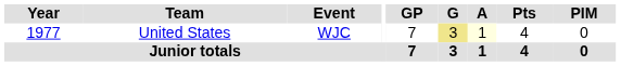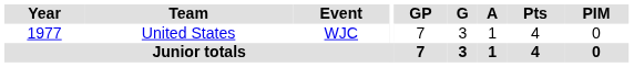 <table border="0" cellpadding="1" cellspacing="0" ID="Table3" style="text-align:center; width:40em">
 <tr bgcolor="#e0e0e0">
 <th>Year</th>
 <th>Team</th>
 <th>Event</th>
 <th rowspan="102" bgcolor="#ffffff"></th>
 <th>GP</th>
 <th>G</th>
 <th>A</th>
 <th>Pts</th>
 <th>PIM</th>
 </tr>
 <tr>
 <td><a href='#'>1977</a></td>
 <td><a href='#'>United States</a></td>
 <td><a href='#'>WJC</a></td>
 <td>7</td>
-<td style="background: khaki;">3</td>
-<td style="background: lightyellow;">1</td>
+<td>3</td>
+<td>1</td>
 <td>4</td>
 <td>0</td>
 </tr>
 <tr bgcolor="#e0e0e0">
 <th colspan="4">Junior totals</th>
 <th>7</th>
 <th>3</th>
 <th>1</th>
 <th>4</th>
 <th>0</th>
 </tr>
 </table>
